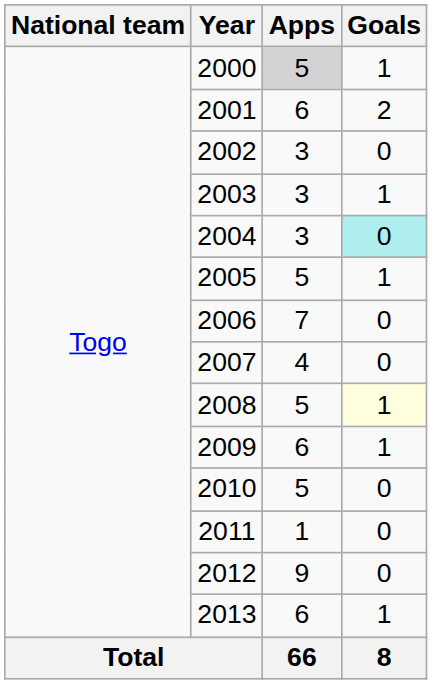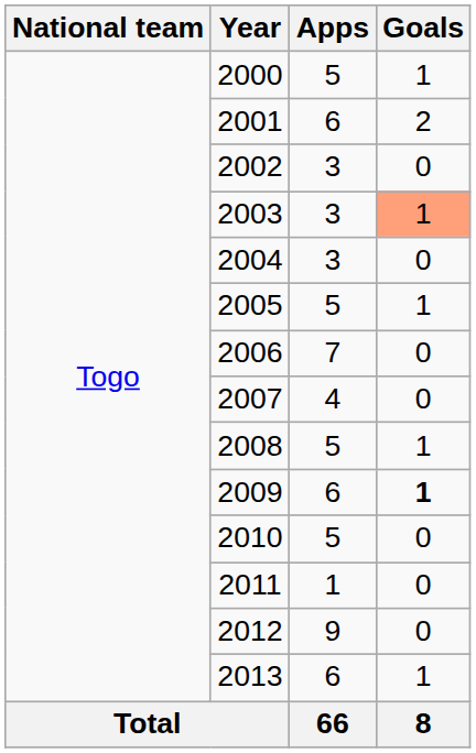 <table class="wikitable" style="text-align:center">
 <tr>
 <th>National team</th>
 <th>Year</th>
 <th>Apps</th>
 <th>Goals</th>
 </tr>
 <tr>
 <td rowspan="14"><a href='#'>Togo</a></td>
 <td>2000</td>
-<td style="background: lightgrey;">5</td>
+<td>5</td>
 <td>1</td>
 </tr>
 <tr>
 <td>2001</td>
 <td>6</td>
 <td>2</td>
 </tr>
 <tr>
 <td>2002</td>
 <td>3</td>
 <td>0</td>
 </tr>
 <tr>
 <td>2003</td>
 <td>3</td>
-<td>1</td>
+<td style="background: lightsalmon;">1</td>
 </tr>
 <tr>
 <td>2004</td>
 <td>3</td>
-<td style="background: paleturquoise;">0</td>
+<td>0</td>
 </tr>
 <tr>
 <td>2005</td>
 <td>5</td>
 <td>1</td>
 </tr>
 <tr>
 <td>2006</td>
 <td>7</td>
 <td>0</td>
 </tr>
 <tr>
 <td>2007</td>
 <td>4</td>
 <td>0</td>
 </tr>
 <tr>
 <td>2008</td>
 <td>5</td>
-<td style="background: lightyellow;">1</td>
+<td>1</td>
 </tr>
 <tr>
 <td>2009</td>
 <td>6</td>
-<td>1</td>
+<td><strong>1</strong></td>
 </tr>
 <tr>
 <td>2010</td>
 <td>5</td>
 <td>0</td>
 </tr>
 <tr>
 <td>2011</td>
 <td>1</td>
 <td>0</td>
 </tr>
 <tr>
 <td>2012</td>
 <td>9</td>
 <td>0</td>
 </tr>
 <tr>
 <td>2013</td>
 <td>6</td>
 <td>1</td>
 </tr>
 <tr>
 <th colspan="2">Total</th>
 <th>66</th>
 <th>8</th>
 </tr>
 </table>
